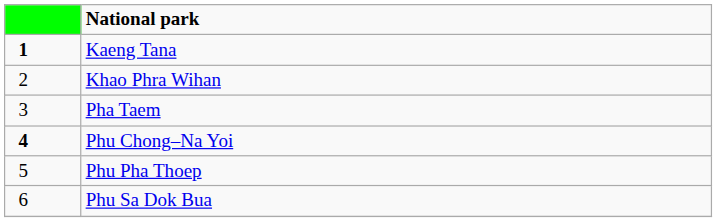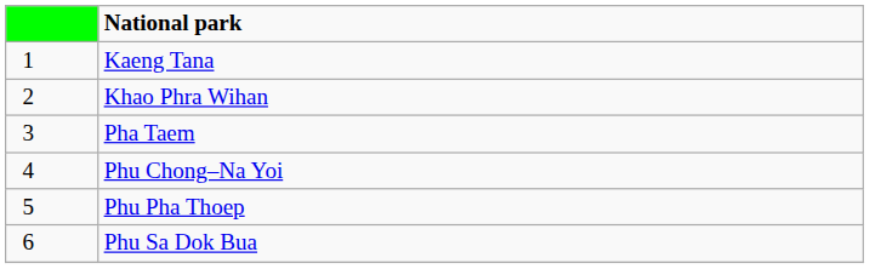 <table class= "wikitable" style= "width:30%; display:inline-table;">
 <tr>
 <td style="width:3%; background:#00FF00;"> </td>
 <td style="width:27%;"><strong>National park</strong></td>
 </tr>
 <tr>
-<td><strong>  1</strong></td>
+<td>  1</td>
 <td><a href='#'>Kaeng Tana</a></td>
 </tr>
 <tr>
 <td>  2</td>
 <td><a href='#'>Khao Phra Wihan</a></td>
 </tr>
 <tr>
 <td>  3</td>
 <td><a href='#'>Pha Taem</a></td>
 </tr>
 <tr>
-<td><strong>  4</strong></td>
+<td>  4</td>
 <td><a href='#'>Phu Chong–Na Yoi</a></td>
 </tr>
 <tr>
 <td>  5</td>
 <td><a href='#'>Phu Pha Thoep</a></td>
 </tr>
 <tr>
 <td>  6</td>
 <td><a href='#'>Phu Sa Dok Bua</a></td>
 </tr>
 <tr>
 </tr>
 </table>
